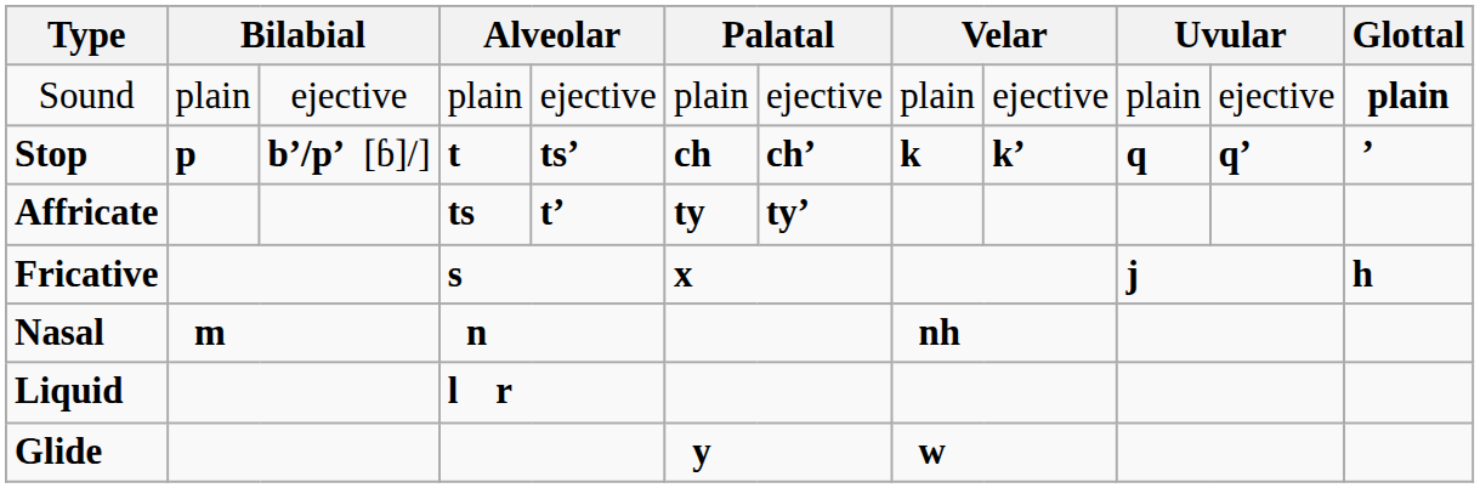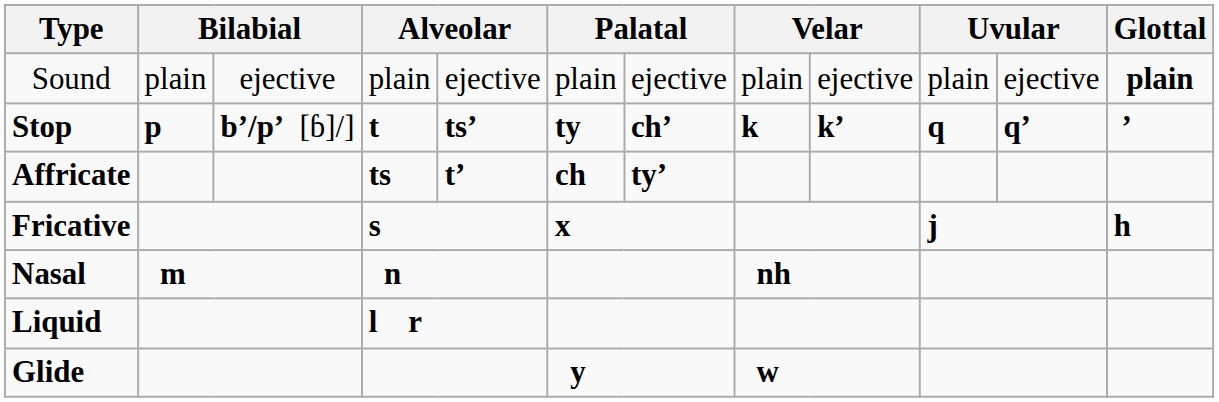 <table class="wikitable">
 <tr>
 <th rowspan=1>Type</th>
 <th colspan=2>Bilabial</th>
 <th colspan=2>Alveolar</th>
 <th colspan=2>Palatal</th>
 <th colspan=2>Velar</th>
 <th colspan=2>Uvular</th>
 <th rowspan=1>Glottal</th>
 </tr>
 <tr>
 <td align="center">Sound</td>
 <td align="center">plain</td>
 <td align="center">ejective</td>
 <td align="center">plain</td>
 <td align="center">ejective</td>
 <td align="center">plain</td>
 <td align="center">ejective</td>
 <td align="center">plain</td>
 <td align="center">ejective</td>
 <td align="center">plain</td>
 <td align="center">ejective</td>
 <td align="center"><strong>plain</strong></td>
 </tr>
 <tr>
 <td><strong>Stop</strong></td>
 <td><strong>p</strong>  </td>
 <td><strong>bʼ/pʼ</strong>  [ɓ]/]</td>
 <td><strong>t</strong>   </td>
 <td><strong>tsʼ</strong>  </td>
-<td><strong>ch</strong>  </td>
+<td><strong>ty</strong>  </td>
 <td><strong>chʼ</strong>  </td>
 <td><strong>k</strong>  </td>
 <td><strong>kʼ</strong>  </td>
 <td><strong>q</strong>  </td>
 <td><strong>qʼ</strong>  </td>
 <td><strong> ʼ </strong>  </td>
 </tr>
 <tr>
 <td><strong>Affricate</strong></td>
 <td rowspan=1> </td>
 <td></td>
 <td><strong>ts</strong>  </td>
 <td><strong>tʼ</strong>  </td>
-<td><strong>ty</strong>  </td>
+<td><strong>ch</strong>  </td>
 <td><strong>tyʼ</strong>  </td>
 <td rowspan=1> </td>
 <td rowspan=1> </td>
 <td> </td>
 <td> </td>
 <td> </td>
 </tr>
 <tr>
 <td><strong>Fricative</strong></td>
 <td colspan=2> </td>
 <td colspan=2><strong>s</strong>  </td>
 <td colspan=2><strong>x</strong>  </td>
 <td colspan=2> </td>
 <td colspan=2><strong>j</strong>  </td>
 <td colspan=2><strong>h</strong>  </td>
 </tr>
 <tr>
 <td><strong>Nasal</strong></td>
 <td colspan=2>  <strong>m</strong>  </td>
 <td colspan=2>  <strong>n</strong>  </td>
 <td colspan=2> </td>
 <td colspan=2>  <strong>nh</strong>  </td>
 <td colspan=2> </td>
 <td colspan=2> </td>
 </tr>
 <tr>
 <td><strong>Liquid</strong></td>
 <td colspan=2> </td>
 <td colspan=2><strong>l</strong>    <strong>r</strong>  </td>
 <td colspan=2> </td>
 <td colspan=2> </td>
 <td colspan=2> </td>
 <td colspan=2> </td>
 </tr>
 <tr>
 <td><strong>Glide</strong></td>
 <td colspan=2> </td>
 <td colspan=2> </td>
 <td colspan=2>  <strong>y</strong>  </td>
 <td colspan=2>  <strong>w</strong>  </td>
 <td colspan=2> </td>
 <td colspan=2> </td>
 </tr>
 </table>
